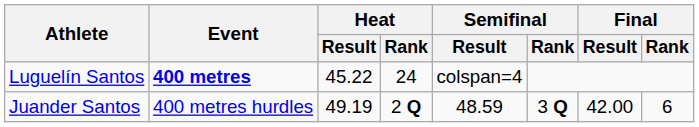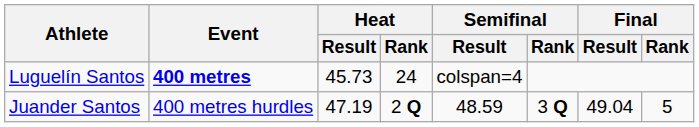 <table class=wikitable style=font-size:90%>
 <tr>
 <th rowspan=2>Athlete</th>
 <th rowspan=2>Event</th>
 <th colspan=2>Heat</th>
 <th colspan=2>Semifinal</th>
 <th colspan=2>Final</th>
 </tr>
 <tr style=font-size:95%>
 <th>Result</th>
 <th>Rank</th>
 <th>Result</th>
 <th>Rank</th>
 <th>Result</th>
 <th>Rank</th>
 </tr>
 <tr align=center>
 <td align=left><a href='#'>Luguelín Santos</a></td>
 <td align=left><strong><a href='#'>400 metres</a></strong></td>
-<td>45.22</td>
+<td>45.73</td>
 <td>24</td>
 <td>colspan=4 </td>
 </tr>
 <tr align=center>
 <td align=left><a href='#'>Juander Santos</a></td>
 <td align=left><a href='#'>400 metres hurdles</a></td>
-<td>49.19</td>
+<td>47.19</td>
 <td>2 <strong>Q</strong></td>
 <td>48.59 <strong></strong></td>
 <td>3 <strong>Q</strong></td>
-<td>42.00</td>
-<td>6</td>
+<td>49.04</td>
+<td>5</td>
 </tr>
 </table>
